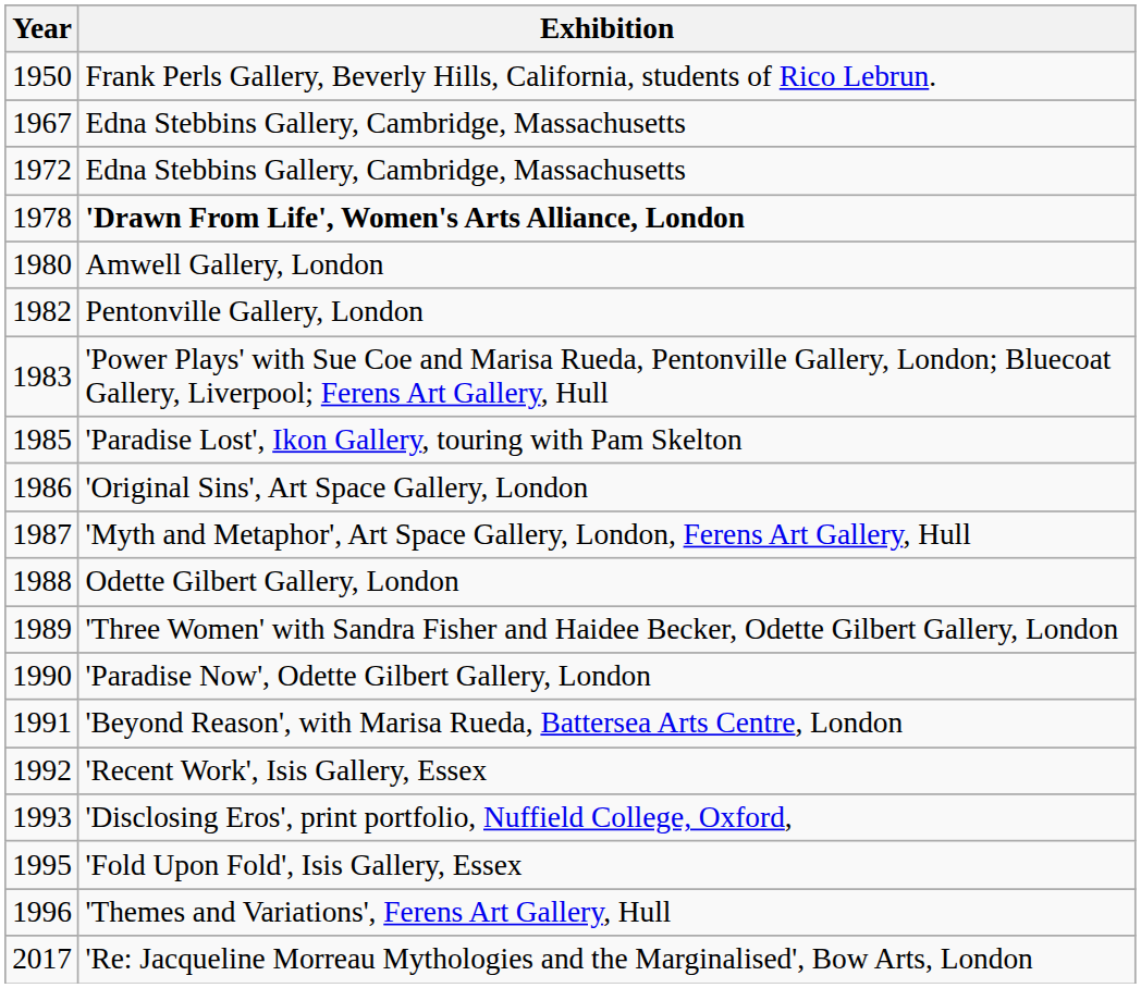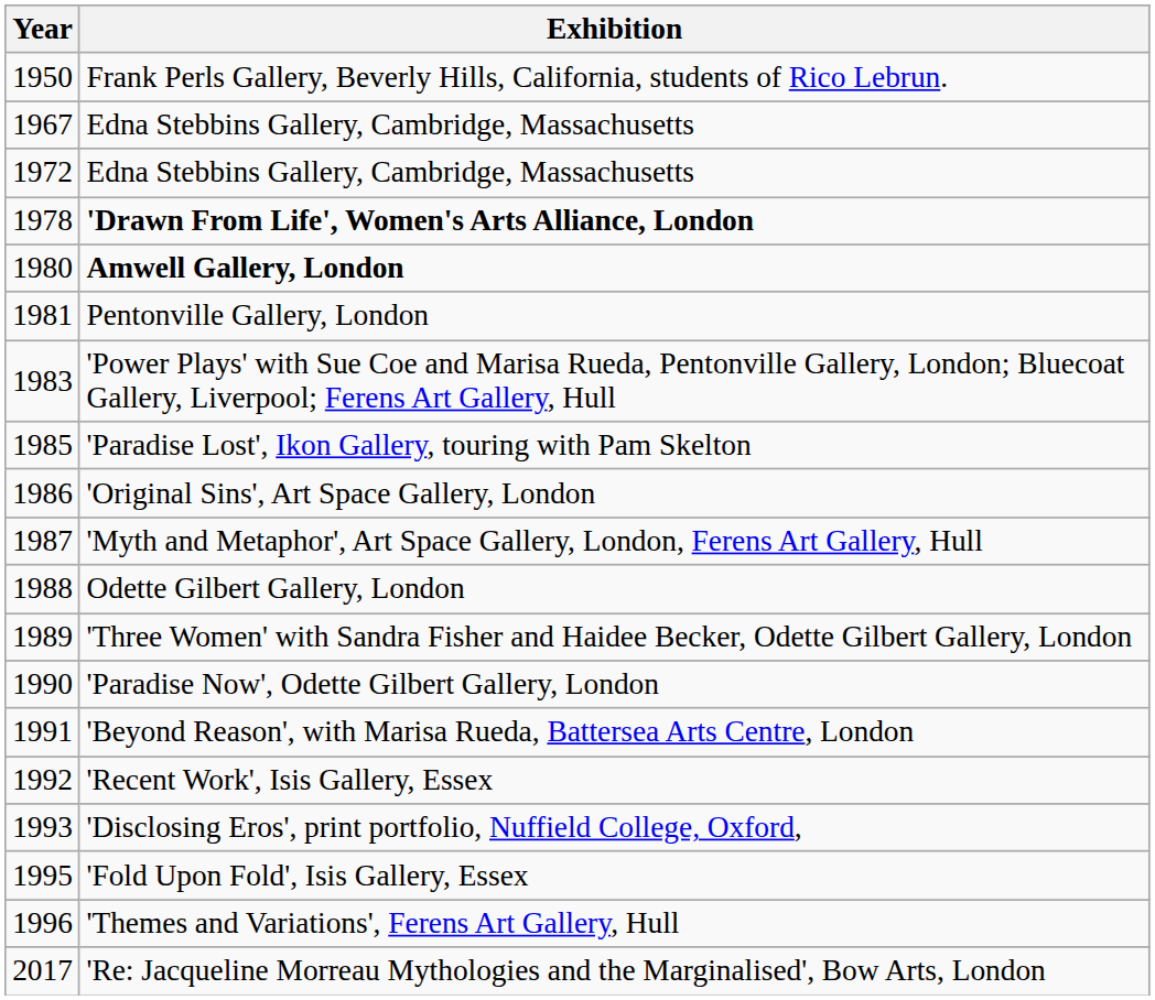 <table class="wikitable">
 <tr>
 <th>Year</th>
 <th>Exhibition</th>
 </tr>
 <tr>
 <td>1950</td>
 <td>Frank Perls Gallery, Beverly Hills, California, students of <a href='#'>Rico Lebrun</a>.</td>
 </tr>
 <tr>
 <td>1967</td>
 <td>Edna Stebbins Gallery, Cambridge, Massachusetts</td>
 </tr>
 <tr>
 <td>1972</td>
 <td>Edna Stebbins Gallery, Cambridge, Massachusetts</td>
 </tr>
 <tr>
 <td>1978</td>
 <td><strong>'Drawn From Life', Women's Arts Alliance, London</strong></td>
 </tr>
 <tr>
 <td>1980</td>
-<td>Amwell Gallery, London</td>
+<td><strong>Amwell Gallery, London</strong></td>
 </tr>
 <tr>
-<td>1982</td>
+<td>1981</td>
 <td>Pentonville Gallery, London</td>
 </tr>
 <tr>
 <td>1983</td>
 <td>'Power Plays' with Sue Coe and Marisa Rueda, Pentonville Gallery, London; Bluecoat Gallery, Liverpool; <a href='#'>Ferens Art Gallery</a>, Hull</td>
 </tr>
 <tr>
 <td>1985</td>
 <td>'Paradise Lost', <a href='#'>Ikon Gallery</a>, touring with Pam Skelton</td>
 </tr>
 <tr>
 <td>1986</td>
 <td>'Original Sins', Art Space Gallery, London</td>
 </tr>
 <tr>
 <td>1987</td>
 <td>'Myth and Metaphor', Art Space Gallery, London, <a href='#'>Ferens Art Gallery</a>, Hull</td>
 </tr>
 <tr>
 <td>1988</td>
 <td>Odette Gilbert Gallery, London</td>
 </tr>
 <tr>
 <td>1989</td>
 <td>'Three Women' with Sandra Fisher and Haidee Becker, Odette Gilbert Gallery, London</td>
 </tr>
 <tr>
 <td>1990</td>
 <td>'Paradise Now', Odette Gilbert Gallery, London</td>
 </tr>
 <tr>
 <td>1991</td>
 <td>'Beyond Reason', with Marisa Rueda, <a href='#'>Battersea Arts Centre</a>, London</td>
 </tr>
 <tr>
 <td>1992</td>
 <td>'Recent Work', Isis Gallery, Essex</td>
 </tr>
 <tr>
 <td>1993</td>
 <td>'Disclosing Eros', print portfolio, <a href='#'>Nuffield College, Oxford</a>,</td>
 </tr>
 <tr>
 <td>1995</td>
 <td>'Fold Upon Fold', Isis Gallery, Essex</td>
 </tr>
 <tr>
 <td>1996</td>
 <td>'Themes and Variations', <a href='#'>Ferens Art Gallery</a>, Hull</td>
 </tr>
 <tr>
 <td>2017</td>
 <td>'Re: Jacqueline Morreau Mythologies and the Marginalised', Bow Arts, London</td>
 </tr>
 </table>
